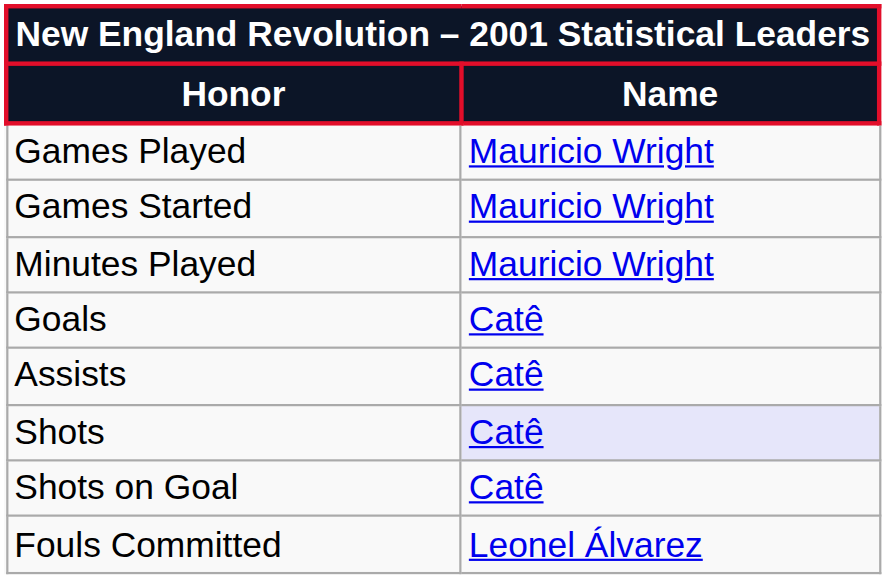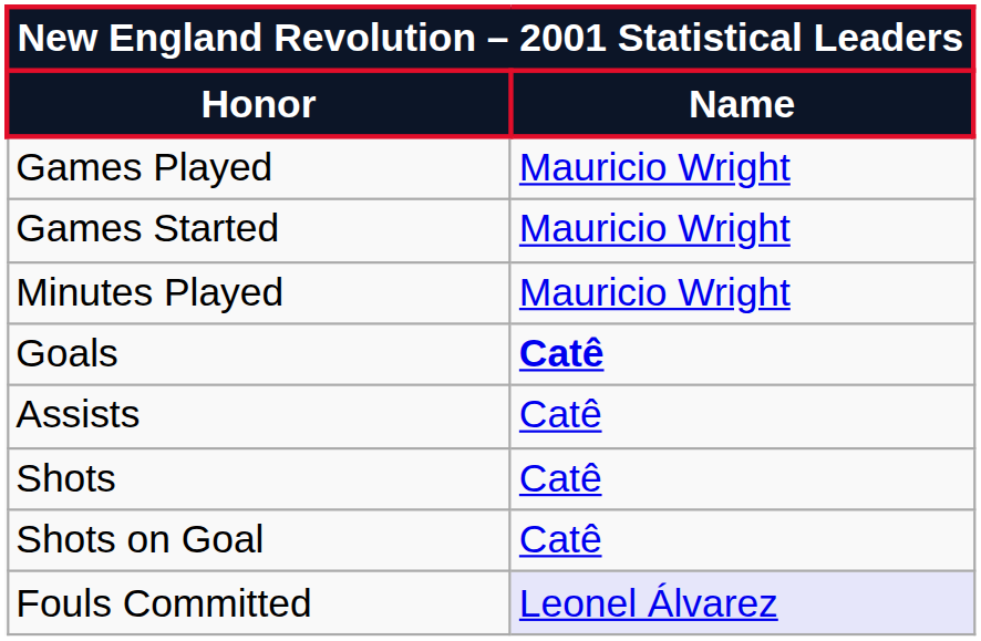 <table class="wikitable">
 <tr>
 <th colspan="3" style="background:#0c1527; color:#fff; border:2px solid #e20e2a; text-align: center; font-weight:bold;">New England Revolution – 2001 Statistical Leaders</th>
 </tr>
 <tr>
 <th style="background:#0c1527; color:#fff; border:2px solid #e20e2a;" scope="col">Honor</th>
 <th style="background:#0c1527; color:#fff; border:2px solid #e20e2a;" scope="col">Name</th>
 </tr>
 <tr>
 <td>Games Played</td>
 <td><a href='#'>Mauricio Wright</a></td>
 </tr>
 <tr>
 <td>Games Started</td>
 <td><a href='#'>Mauricio Wright</a></td>
 </tr>
 <tr>
 <td>Minutes Played</td>
 <td><a href='#'>Mauricio Wright</a></td>
 </tr>
 <tr>
 <td>Goals</td>
-<td><a href='#'>Catê</a></td>
+<td><strong><a href='#'>Catê</a></strong></td>
 </tr>
 <tr>
 <td>Assists</td>
 <td><a href='#'>Catê</a></td>
 </tr>
 <tr>
 <td>Shots</td>
-<td style="background: lavender;"><a href='#'>Catê</a></td>
+<td><a href='#'>Catê</a></td>
 </tr>
 <tr>
 <td>Shots on Goal</td>
 <td><a href='#'>Catê</a></td>
 </tr>
 <tr>
 <td>Fouls Committed</td>
-<td><a href='#'>Leonel Álvarez</a></td>
+<td style="background: lavender;"><a href='#'>Leonel Álvarez</a></td>
 </tr>
 </table>
